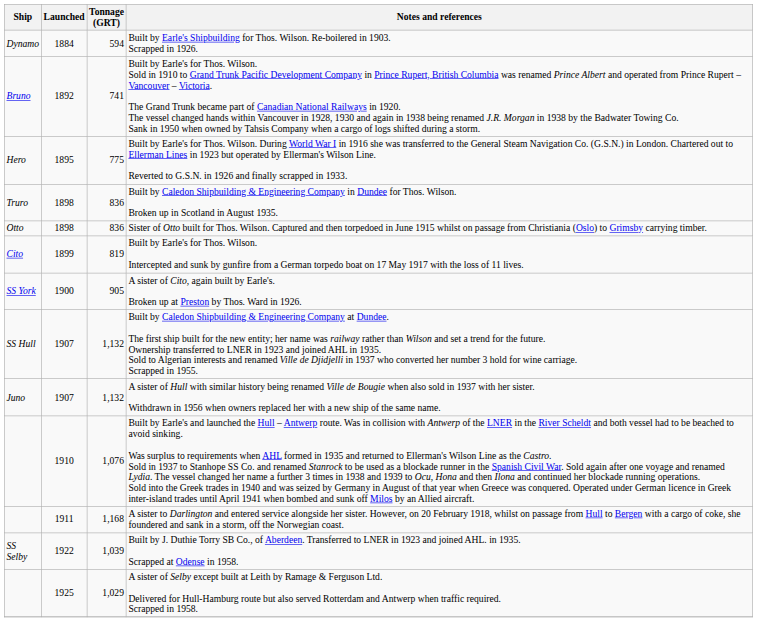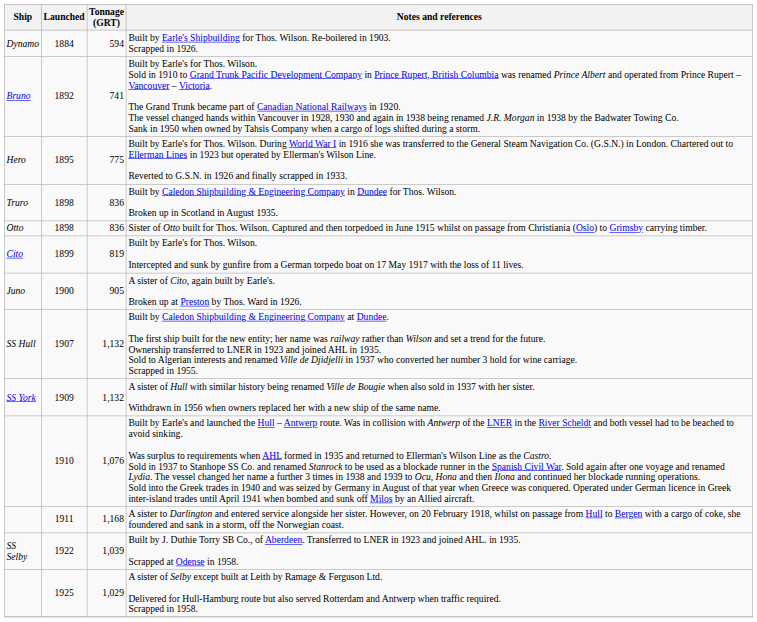 <table class="wikitable sortable">
 <tr>
 <th scope="col">Ship</th>
 <th scope="col">Launched</th>
 <th scope="col">Tonnage<br>(GRT)</th>
 <th scope="col">Notes and references</th>
 </tr>
 <tr>
 <td><em>Dynamo</em></td>
 <td align="center">1884</td>
 <td align="right">594</td>
 <td>Built by <a href='#'>Earle's Shipbuilding</a> for Thos. Wilson. Re-boilered in 1903.<br>Scrapped in 1926.</td>
 </tr>
 <tr>
 <td><em><a href='#'>Bruno</a></em></td>
 <td align="center">1892</td>
 <td align="right">741</td>
 <td>Built by Earle's for Thos. Wilson.<br>Sold in 1910 to <a href='#'>Grand Trunk Pacific Development Company</a> in <a href='#'>Prince Rupert, British Columbia</a> was renamed <em>Prince Albert</em> and operated from Prince Rupert – <a href='#'>Vancouver</a> – <a href='#'>Victoria</a>.<br><br>The Grand Trunk became part of <a href='#'>Canadian National Railways</a> in 1920.<br> The vessel changed hands within Vancouver in 1928, 1930 and again in 1938 being renamed <em>J.R. Morgan</em> in 1938 by the Badwater Towing Co.<br> Sank in 1950 when owned by Tahsis Company when a cargo of logs shifted during a storm.</td>
 </tr>
 <tr>
 <td><em>Hero</em></td>
 <td align="center">1895</td>
 <td align="right">775</td>
 <td>Built by Earle's for Thos. Wilson. During <a href='#'>World War I</a> in 1916 she was transferred to the General Steam Navigation Co. (G.S.N.) in London. Chartered out to <a href='#'>Ellerman Lines</a> in 1923 but operated by Ellerman's Wilson Line.<br><br>Reverted to G.S.N. in 1926 and finally scrapped in 1933.</td>
 </tr>
 <tr>
 <td><em>Truro</em></td>
 <td align="center">1898</td>
 <td align="right">836</td>
 <td>Built by <a href='#'>Caledon Shipbuilding & Engineering Company</a> in <a href='#'>Dundee</a> for Thos. Wilson.<br><br>Broken up in Scotland in August 1935.</td>
 </tr>
 <tr>
 <td><em>Otto</em></td>
 <td align="center">1898</td>
 <td align="right">836</td>
 <td>Sister of <em>Otto</em> built for Thos. Wilson. Captured and then torpedoed in June 1915 whilst on passage from Christiania (<a href='#'>Oslo</a>) to <a href='#'>Grimsby</a> carrying timber.</td>
 </tr>
 <tr>
 <td><em><a href='#'>Cito</a></em></td>
 <td align="center">1899</td>
 <td align="right">819</td>
 <td>Built by Earle's for Thos. Wilson.<br><br>Intercepted and sunk by gunfire from a German torpedo boat on 17 May 1917 with the loss of 11 lives.</td>
 </tr>
 <tr>
-<td><em><a href='#'>SS York</a></em></td>
+<td><em>Juno</em></td>
 <td align="center">1900</td>
 <td align="right">905</td>
 <td>A sister of <em>Cito</em>, again built by Earle's.<br><br>Broken up at <a href='#'>Preston</a> by Thos. Ward in 1926.</td>
 </tr>
 <tr>
 <td><em>SS Hull</em></td>
 <td align="center">1907</td>
 <td align="right">1,132</td>
 <td>Built by <a href='#'>Caledon Shipbuilding & Engineering Company</a> at <a href='#'>Dundee</a>.<br><br>The first ship built for the new entity; her name was <em>railway</em> rather than <em>Wilson</em> and set a trend for the future.<br> Ownership transferred to <abbr>LNER</abbr> in 1923 and joined <abbr>AHL</abbr> in 1935.<br> Sold to Algerian interests and renamed <em>Ville de Djidjelli</em> in 1937 who converted her number 3 hold for wine carriage.<br> Scrapped in 1955.</td>
 </tr>
 <tr>
-<td><em>Juno</em></td>
-<td align="center">1907</td>
+<td><em><a href='#'>SS York</a></em></td>
+<td align="center">1909</td>
 <td align="right">1,132</td>
 <td>A sister of <em>Hull</em> with similar history being renamed <em>Ville de Bougie</em> when also sold in 1937 with her sister.<br><br>Withdrawn in 1956 when owners replaced her with a new ship of the same name.</td>
 </tr>
 <tr>
 <td></td>
 <td align="center">1910</td>
 <td align="right">1,076</td>
 <td>Built by Earle's and launched the <a href='#'>Hull</a> – <a href='#'>Antwerp</a> route. Was in collision with <em>Antwerp</em> of the <a href='#'>LNER</a> in the <a href='#'>River Scheldt</a> and both vessel had to be beached to avoid sinking.<br><br>Was surplus to requirements when <a href='#'>AHL</a> formed in 1935 and returned to Ellerman's Wilson Line as the <em>Castro</em>.<br> Sold in 1937 to Stanhope SS Co. and renamed <em>Stanrock</em> to be used as a blockade runner in the <a href='#'>Spanish Civil War</a>. Sold again after one voyage and renamed <em>Lydia</em>. The vessel changed her name a further 3 times in 1938 and 1939 to <em>Ocu</em>, <em>Hona</em> and then <em>Ilona</em> and continued her blockade running operations.<br> Sold into the Greek trades in 1940 and was seized by Germany in August of that year when Greece was conquered. Operated under German licence in Greek inter-island trades until April 1941 when bombed and sunk off <a href='#'>Milos</a> by an Allied aircraft.</td>
 </tr>
 <tr>
 <td></td>
 <td align="center">1911</td>
 <td align="right">1,168</td>
 <td>A sister to <em>Darlington</em> and entered service alongside her sister. However, on 20 February 1918, whilst on passage from <a href='#'>Hull</a> to <a href='#'>Bergen</a> with a cargo of coke, she foundered and sank in a storm, off the Norwegian coast.</td>
 </tr>
 <tr>
 <td><em>SS Selby</em></td>
 <td align="center">1922</td>
 <td align="right">1,039</td>
 <td>Built by J. Duthie Torry SB Co., of <a href='#'>Aberdeen</a>. Transferred to <abbr>LNER</abbr> in 1923 and joined <abbr>AHL</abbr>. in 1935.<br><br>Scrapped at <a href='#'>Odense</a> in 1958.</td>
 </tr>
 <tr>
 <td></td>
 <td align="center">1925</td>
 <td align="right">1,029</td>
 <td>A sister of <em>Selby</em> except built at Leith by Ramage & Ferguson Ltd.<br><br>Delivered for Hull-Hamburg route but also served Rotterdam and Antwerp when traffic required.<br> Scrapped in 1958.</td>
 </tr>
 <tr>
 </tr>
 </table>
